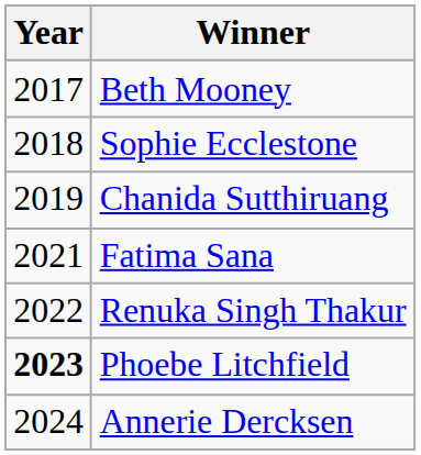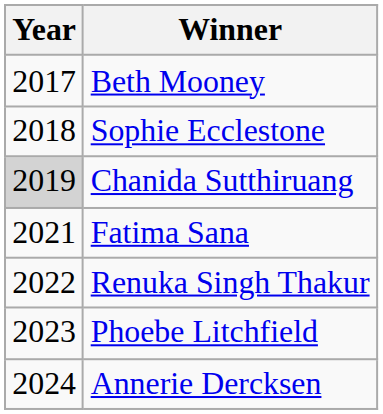 <table class="wikitable">
 <tr>
 <th>Year</th>
 <th>Winner</th>
 </tr>
 <tr>
 <td>2017</td>
 <td> <a href='#'>Beth Mooney</a></td>
 </tr>
 <tr>
 <td>2018</td>
 <td> <a href='#'>Sophie Ecclestone</a></td>
 </tr>
 <tr>
-<td>2019</td>
+<td style="background: lightgrey;">2019</td>
 <td> <a href='#'>Chanida Sutthiruang</a></td>
 </tr>
 <tr>
 <td>2021</td>
 <td> <a href='#'>Fatima Sana</a></td>
 </tr>
 <tr>
 <td>2022</td>
 <td> <a href='#'>Renuka Singh Thakur</a></td>
 </tr>
 <tr>
-<td><strong>2023</strong></td>
+<td>2023</td>
 <td> <a href='#'>Phoebe Litchfield</a></td>
 </tr>
 <tr>
 <td>2024</td>
 <td> <a href='#'>Annerie Dercksen</a></td>
 </tr>
 </table>
